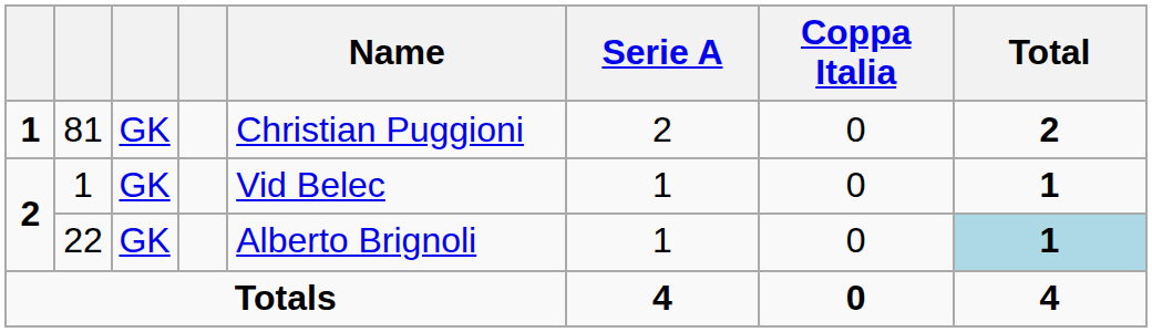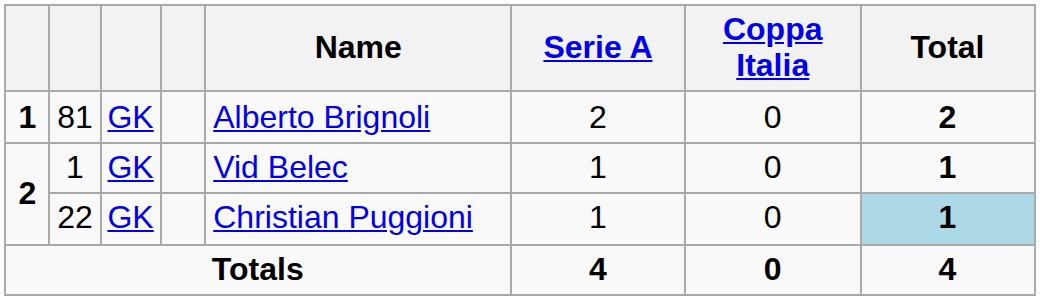 <table class="wikitable" style="text-align:center">
 <tr>
 <th width=15></th>
 <th width=15></th>
 <th width=15></th>
 <th width=15></th>
 <th width=145>Name</th>
 <th width=80><strong><a href='#'>Serie A</a></strong></th>
 <th width=80><strong><a href='#'>Coppa Italia</a></strong></th>
 <th width=80>Total</th>
 </tr>
 <tr>
 <td><strong>1</strong></td>
 <td>81</td>
 <td><a href='#'>GK</a></td>
 <td></td>
-<td align=left><a href='#'>Christian Puggioni</a></td>
+<td align=left><a href='#'>Alberto Brignoli</a></td>
 <td>2</td>
 <td>0</td>
 <td><strong>2</strong></td>
 </tr>
 <tr>
 <td rowspan=2><strong>2</strong></td>
 <td>1</td>
 <td><a href='#'>GK</a></td>
 <td></td>
 <td align=left><a href='#'>Vid Belec</a></td>
 <td>1</td>
 <td>0</td>
 <td><strong>1</strong></td>
 </tr>
 <tr>
 <td>22</td>
 <td><a href='#'>GK</a></td>
 <td></td>
-<td align=left><a href='#'>Alberto Brignoli</a></td>
+<td align=left><a href='#'>Christian Puggioni</a></td>
 <td>1</td>
 <td>0</td>
 <td style="background: lightblue;"><strong>1</strong></td>
 </tr>
 <tr>
 <td colspan=5><strong>Totals</strong></td>
 <td><strong>4</strong></td>
 <td><strong>0</strong></td>
 <td><strong>4</strong></td>
 </tr>
 </table>
